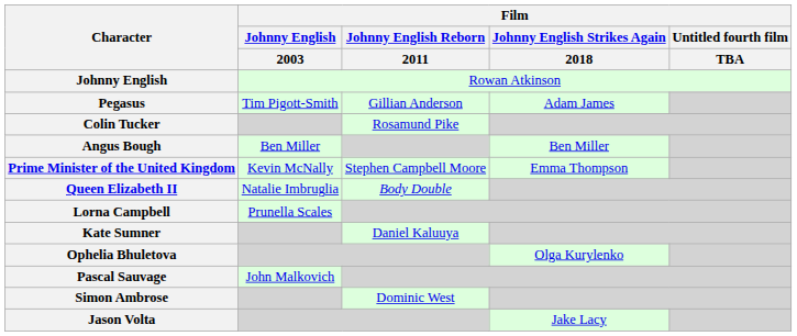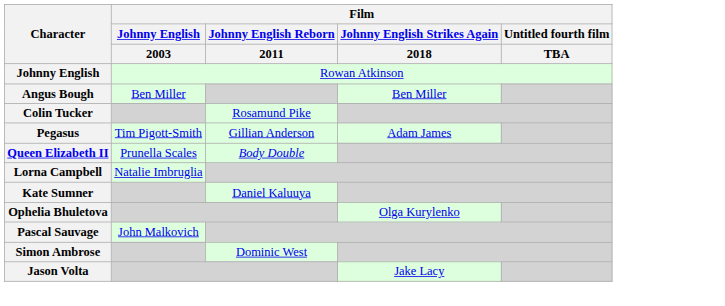 <table class="wikitable plainrowheaders" style="text-align:center">
 <tr>
 <th rowspan="3">Character</th>
 <th colspan="4">Film</th>
 </tr>
 <tr>
 <th><a href='#'>Johnny English</a></th>
 <th><a href='#'>Johnny English Reborn</a></th>
 <th><a href='#'>Johnny English Strikes Again</a></th>
 <th>Untitled fourth film</th>
 </tr>
 <tr>
 <th>2003</th>
 <th>2011</th>
 <th>2018</th>
 <th>TBA</th>
 </tr>
 <tr>
 <th>Johnny English</th>
 <td colspan="4" style="background:#dfd;"><a href='#'>Rowan Atkinson</a></td>
 </tr>
 <tr>
-<th>Pegasus</th>
-<td style="background:#dfd"><a href='#'>Tim Pigott-Smith</a></td>
-<td colspan "2" style= "background:#dfd"><a href='#'>Gillian Anderson</a></td>
-<td style= "background:#dfd"><a href='#'>Adam James</a></td>
+<th>Angus Bough</th>
+<td colspan="1" style="background:#dfd;"><a href='#'>Ben Miller</a></td>
+<td colspan="1" style="background:lightgrey;"> </td>
+<td colspan="1" style="background:#dfd;"><a href='#'>Ben Miller</a></td>
 <td colspan="1" style="background:lightgrey;"> </td>
 </tr>
 <tr>
 <th>Colin Tucker</th>
 <td style="background:lightgrey;"> </td>
 <td colspan="1" style="background:#dfd"><a href='#'>Rosamund Pike</a></td>
 <td colspan="2" style="background:lightgrey;"> </td>
 </tr>
 <tr>
-<th>Angus Bough</th>
-<td colspan="1" style="background:#dfd;"><a href='#'>Ben Miller</a></td>
-<td colspan="1" style="background:lightgrey;"> </td>
-<td colspan="1" style="background:#dfd;"><a href='#'>Ben Miller</a></td>
-<td colspan="1" style="background:lightgrey;"> </td>
-</tr>
-<tr>
-<th><a href='#'>Prime Minister of the United Kingdom</a></th>
-<td colspan="1" style="background:#dfd"><a href='#'>Kevin McNally</a></td>
-<td style="background:#dfd"><a href='#'>Stephen Campbell Moore</a></td>
-<td style="background:#dfd"><a href='#'>Emma Thompson</a></td>
+<th>Pegasus</th>
+<td style="background:#dfd"><a href='#'>Tim Pigott-Smith</a></td>
+<td colspan "2" style= "background:#dfd"><a href='#'>Gillian Anderson</a></td>
+<td style= "background:#dfd"><a href='#'>Adam James</a></td>
 <td colspan="1" style="background:lightgrey;"> </td>
 </tr>
 <tr>
 <th><a href='#'>Queen Elizabeth II</a></th>
-<td colspan="1" style="background:#dfd"><a href='#'>Natalie Imbruglia</a></td>
+<td style="background:#dfd"><a href='#'>Prunella Scales</a></td>
 <td style="background:#dfd"><a href='#'><em>Body Double</em></a></td>
 <td colspan="2" style="background:lightgrey;"> </td>
 </tr>
 <tr>
 <th>Lorna Campbell</th>
-<td style="background:#dfd"><a href='#'>Prunella Scales</a></td>
+<td colspan="1" style="background:#dfd"><a href='#'>Natalie Imbruglia</a></td>
 <td colspan="3" style="background:lightgrey;"> </td>
 </tr>
 <tr>
 <th>Kate Sumner</th>
 <td style="background:lightgrey;"> </td>
 <td colspan="1" style="background:#dfd"><a href='#'>Daniel Kaluuya</a></td>
 <td colspan="2" style="background:lightgrey;"> </td>
 </tr>
 <tr>
 <th>Ophelia Bhuletova</th>
 <td colspan="2" style="background:lightgrey;"> </td>
 <td style="background:#dfd"><a href='#'>Olga Kurylenko</a></td>
 <td colspan="1" style="background:lightgrey;"> </td>
 </tr>
 <tr>
 <th>Pascal Sauvage</th>
 <td colspan="1" style="background:#dfd"><a href='#'>John Malkovich</a></td>
 <td colspan="3" style="background:lightgrey;"> </td>
 </tr>
 <tr>
 <th>Simon Ambrose</th>
 <td style="background:lightgrey;"> </td>
 <td colspan="1" style="background:#dfd"><a href='#'>Dominic West</a></td>
 <td colspan="2" style="background:lightgrey;"> </td>
 </tr>
 <tr>
 <th>Jason Volta</th>
 <td colspan=2 style="background:Lightgrey;"> </td>
 <td style="background:#dfd"><a href='#'>Jake Lacy</a></td>
 <td colspan="1" style="background:lightgrey;"> </td>
 </tr>
 </table>
